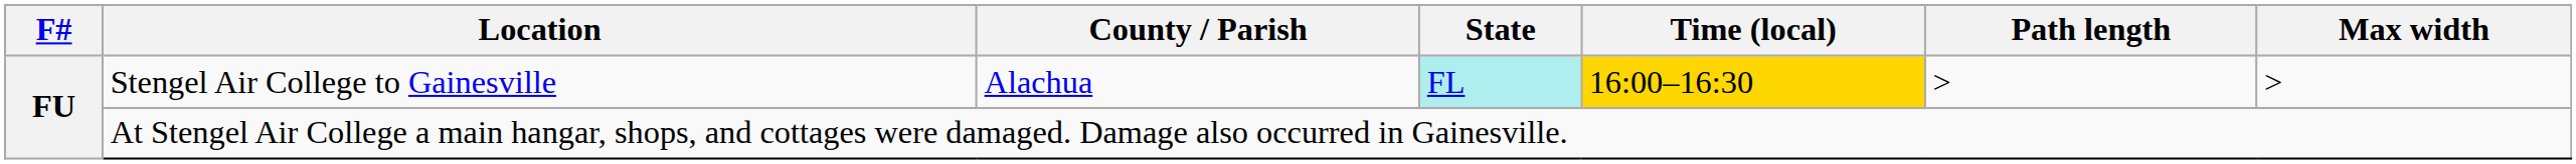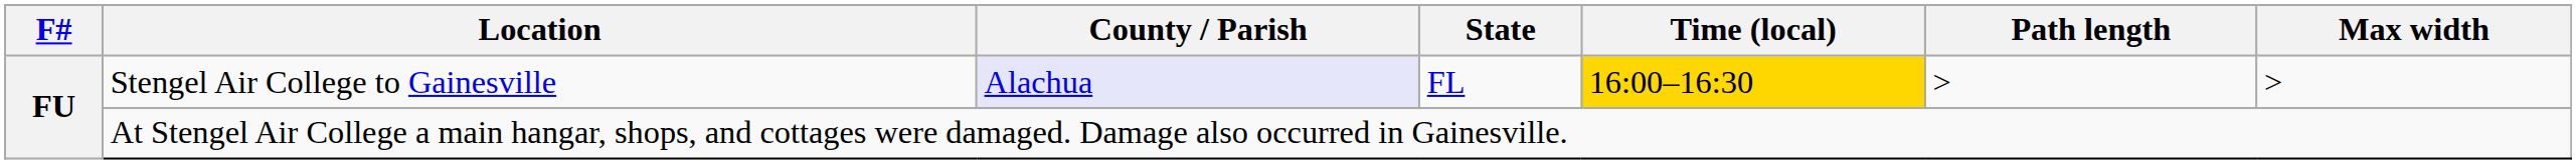 <table class="wikitable sortable" style="width:100%;">
 <tr>
 <th scope="col" align="center"><a href='#'>F#</a><br></th>
 <th scope="col" align="center" class="unsortable">Location</th>
 <th scope="col" align="center" class="unsortable">County / Parish</th>
 <th scope="col" align="center">State</th>
 <th scope="col" align="center">Time (local)</th>
 <th scope="col" align="center">Path length</th>
 <th scope="col" align="center">Max width</th>
 </tr>
 <tr>
 <th scope="row" rowspan="2" style="background-color:#">FU</th>
 <td>Stengel Air College to <a href='#'>Gainesville</a></td>
-<td><a href='#'>Alachua</a></td>
-<td style="background: paleturquoise;"><a href='#'>FL</a></td>
+<td style="background: lavender;"><a href='#'>Alachua</a></td>
+<td><a href='#'>FL</a></td>
 <td style="background: gold;">16:00–16:30</td>
 <td>></td>
 <td>></td>
 </tr>
 <tr class="expand-child">
 <td colspan="6" style="border-bottom: 1px solid black;">At Stengel Air College a main hangar, shops, and cottages were damaged. Damage also occurred in Gainesville.</td>
 </tr>
 </table>
